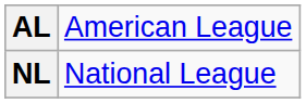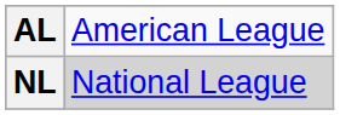 <table class="wikitable sortable plainrowheaders">
 <tr>
 <th scope="row"><strong>AL</strong></th>
 <td><a href='#'>American League</a></td>
 </tr>
 <tr>
 <th scope="row"><strong>NL</strong></th>
-<td><a href='#'>National League</a></td>
+<td style="background: lightgrey;"><a href='#'>National League</a></td>
 </tr>
 </table>
